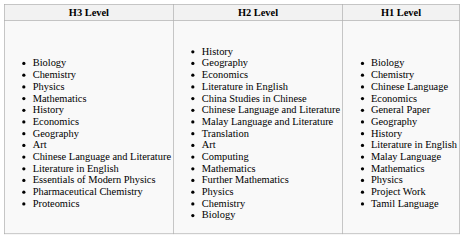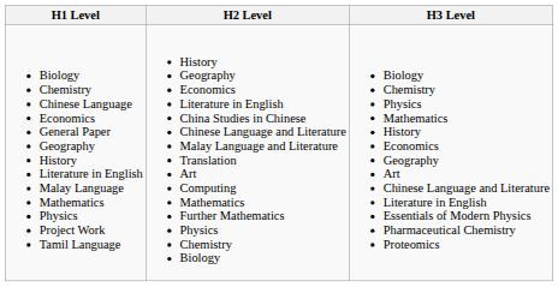 <table class="wikitable">
 <tr>
+<th>H1 Level</th>
+<th>H2 Level</th>
 <th>H3 Level</th>
-<th>H2 Level</th>
-<th>H1 Level</th>
 </tr>
 <tr>
+<td><br><ul><li>Biology</li><li>Chemistry</li><li>Chinese Language</li><li>Economics</li><li>General Paper</li><li>Geography</li><li>History</li><li>Literature in English</li><li>Malay Language</li><li>Mathematics</li><li>Physics</li><li>Project Work</li><li>Tamil Language</li></ul></td>
+<td><br><ul><li>History</li><li>Geography</li><li>Economics</li><li>Literature in English</li><li>China Studies in Chinese</li><li>Chinese Language and Literature</li><li>Malay Language and Literature</li><li>Translation</li><li>Art</li><li>Computing</li><li>Mathematics</li><li>Further Mathematics</li><li>Physics</li><li>Chemistry</li><li>Biology</li></ul></td>
 <td><br><ul><li>Biology</li><li>Chemistry</li><li>Physics</li><li>Mathematics</li><li>History</li><li>Economics</li><li>Geography</li><li>Art</li><li>Chinese Language and Literature</li><li>Literature in English</li><li>Essentials of Modern Physics</li><li>Pharmaceutical Chemistry</li><li>Proteomics</li></ul></td>
-<td><br><ul><li>History</li><li>Geography</li><li>Economics</li><li>Literature in English</li><li>China Studies in Chinese</li><li>Chinese Language and Literature</li><li>Malay Language and Literature</li><li>Translation</li><li>Art</li><li>Computing</li><li>Mathematics</li><li>Further Mathematics</li><li>Physics</li><li>Chemistry</li><li>Biology</li></ul></td>
-<td><br><ul><li>Biology</li><li>Chemistry</li><li>Chinese Language</li><li>Economics</li><li>General Paper</li><li>Geography</li><li>History</li><li>Literature in English</li><li>Malay Language</li><li>Mathematics</li><li>Physics</li><li>Project Work</li><li>Tamil Language</li></ul></td>
 </tr>
 </table>
